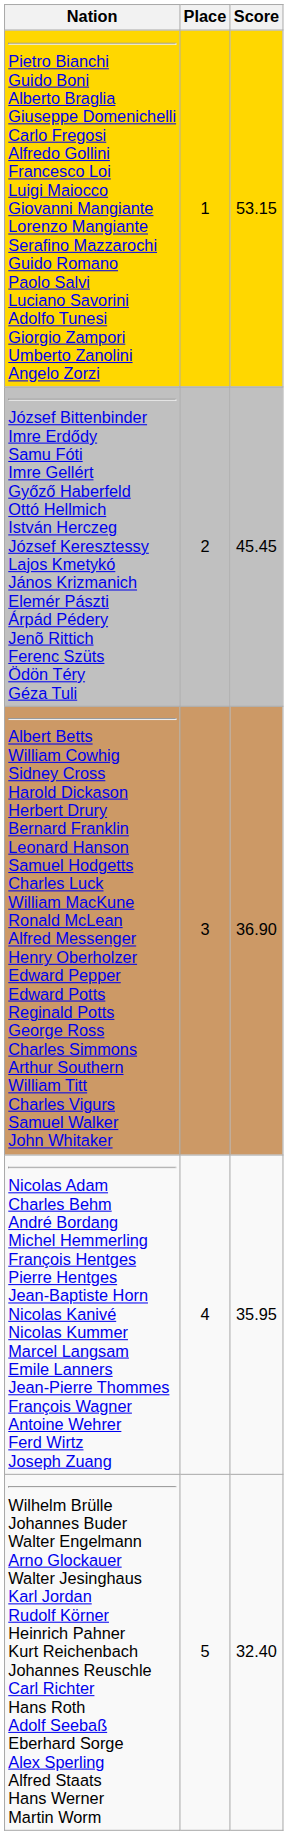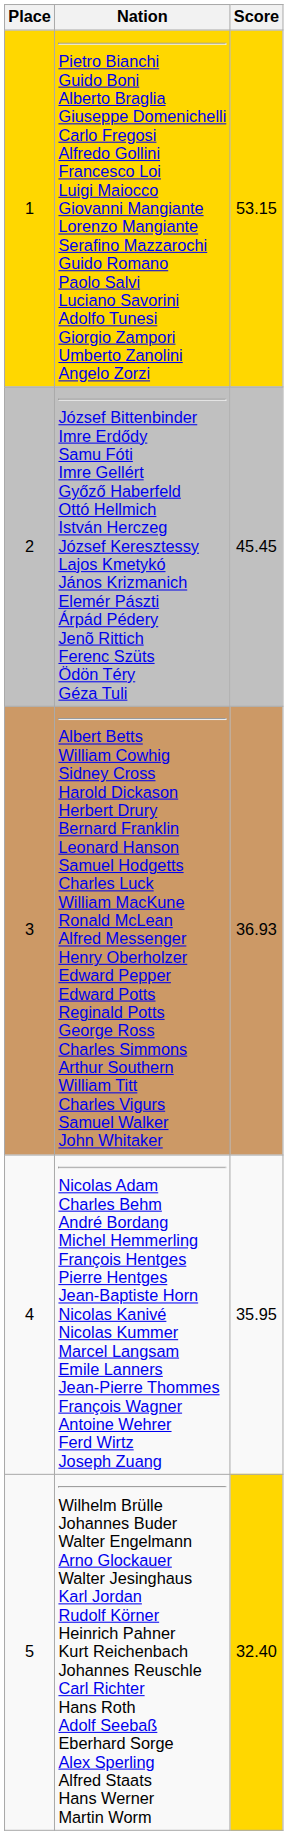 <table class="wikitable">
 <tr>
+<th>Place</th>
 <th>Nation</th>
-<th>Place</th>
 <th>Score</th>
 </tr>
 <tr align=center bgcolor=gold>
+<td>1</td>
 <td align=left><hr><a href='#'>Pietro Bianchi</a><br><a href='#'>Guido Boni</a><br><a href='#'>Alberto Braglia</a><br><a href='#'>Giuseppe Domenichelli</a><br><a href='#'>Carlo Fregosi</a><br><a href='#'>Alfredo Gollini</a><br><a href='#'>Francesco Loi</a><br><a href='#'>Luigi Maiocco</a><br><a href='#'>Giovanni Mangiante</a><br><a href='#'>Lorenzo Mangiante</a><br><a href='#'>Serafino Mazzarochi</a><br><a href='#'>Guido Romano</a><br><a href='#'>Paolo Salvi</a><br><a href='#'>Luciano Savorini</a><br><a href='#'>Adolfo Tunesi</a><br><a href='#'>Giorgio Zampori</a><br><a href='#'>Umberto Zanolini</a><br><a href='#'>Angelo Zorzi</a></td>
-<td>1</td>
 <td>53.15</td>
 </tr>
 <tr align=center bgcolor=silver>
+<td>2</td>
 <td align=left><hr><a href='#'>József Bittenbinder</a><br><a href='#'>Imre Erdődy</a><br><a href='#'>Samu Fóti</a><br><a href='#'>Imre Gellért</a><br><a href='#'>Győző Haberfeld</a><br><a href='#'>Ottó Hellmich</a><br><a href='#'>István Herczeg</a><br><a href='#'>József Keresztessy</a><br><a href='#'>Lajos Kmetykó</a><br><a href='#'>János Krizmanich</a><br><a href='#'>Elemér Pászti</a><br><a href='#'>Árpád Pédery</a><br><a href='#'>Jenõ Rittich</a><br><a href='#'>Ferenc Szüts</a><br><a href='#'>Ödön Téry</a><br><a href='#'>Géza Tuli</a></td>
-<td>2</td>
 <td>45.45</td>
 </tr>
 <tr align=center bgcolor=cc9966>
+<td>3</td>
 <td align=left><hr><a href='#'>Albert Betts</a><br><a href='#'>William Cowhig</a><br><a href='#'>Sidney Cross</a><br><a href='#'>Harold Dickason</a><br><a href='#'>Herbert Drury</a><br><a href='#'>Bernard Franklin</a><br><a href='#'>Leonard Hanson</a><br><a href='#'>Samuel Hodgetts</a><br><a href='#'>Charles Luck</a><br><a href='#'>William MacKune</a><br><a href='#'>Ronald McLean</a><br><a href='#'>Alfred Messenger</a><br><a href='#'>Henry Oberholzer</a><br><a href='#'>Edward Pepper</a><br><a href='#'>Edward Potts</a><br><a href='#'>Reginald Potts</a><br><a href='#'>George Ross</a><br><a href='#'>Charles Simmons</a><br><a href='#'>Arthur Southern</a><br><a href='#'>William Titt</a><br><a href='#'>Charles Vigurs</a><br><a href='#'>Samuel Walker</a><br><a href='#'>John Whitaker</a></td>
-<td>3</td>
-<td>36.90</td>
+<td>36.93</td>
 </tr>
 <tr align=center>
+<td>4</td>
 <td align=left><hr><a href='#'>Nicolas Adam</a><br><a href='#'>Charles Behm</a><br><a href='#'>André Bordang</a><br><a href='#'>Michel Hemmerling</a><br><a href='#'>François Hentges</a><br><a href='#'>Pierre Hentges</a><br><a href='#'>Jean-Baptiste Horn</a><br><a href='#'>Nicolas Kanivé</a><br><a href='#'>Nicolas Kummer</a><br><a href='#'>Marcel Langsam</a><br><a href='#'>Emile Lanners</a><br><a href='#'>Jean-Pierre Thommes</a><br><a href='#'>François Wagner</a><br><a href='#'>Antoine Wehrer</a><br><a href='#'>Ferd Wirtz</a><br><a href='#'>Joseph Zuang</a></td>
-<td>4</td>
 <td>35.95</td>
 </tr>
 <tr align=center>
+<td>5</td>
 <td align=left><hr>Wilhelm Brülle<br>Johannes Buder<br>Walter Engelmann<br><a href='#'>Arno Glockauer</a><br>Walter Jesinghaus<br><a href='#'>Karl Jordan</a><br><a href='#'>Rudolf Körner</a><br>Heinrich Pahner<br>Kurt Reichenbach<br>Johannes Reuschle<br><a href='#'>Carl Richter</a><br>Hans Roth<br><a href='#'>Adolf Seebaß</a><br>Eberhard Sorge<br><a href='#'>Alex Sperling</a><br>Alfred Staats<br>Hans Werner<br>Martin Worm</td>
-<td>5</td>
-<td>32.40</td>
+<td style="background: gold;">32.40</td>
 </tr>
 </table>
